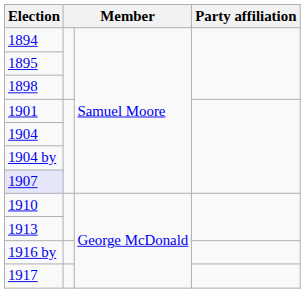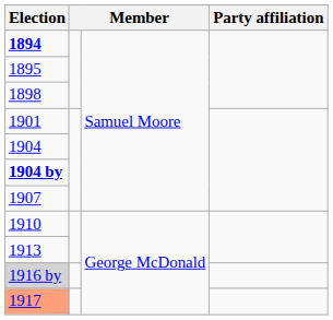 <table class="wikitable">
 <tr>
 <th>Election</th>
 <th colspan="2">Member</th>
 <th>Party affiliation</th>
 </tr>
 <tr>
-<td><a href='#'>1894</a></td>
+<td><strong><a href='#'>1894</a></strong></td>
 <td rowspan="3" > </td>
 <td rowspan="7"><a href='#'>Samuel Moore</a></td>
 <td rowspan="3"></td>
 </tr>
 <tr>
 <td><a href='#'>1895</a></td>
 </tr>
 <tr>
 <td><a href='#'>1898</a></td>
 </tr>
 <tr>
 <td><a href='#'>1901</a></td>
 <td rowspan="4" > </td>
 <td rowspan="4"></td>
 </tr>
 <tr>
 <td><a href='#'>1904</a></td>
 </tr>
 <tr>
-<td><a href='#'>1904 by</a></td>
+<td><strong><a href='#'>1904 by</a></strong></td>
 </tr>
 <tr>
-<td style="background: lavender;"><a href='#'>1907</a></td>
+<td><a href='#'>1907</a></td>
 </tr>
 <tr>
 <td><a href='#'>1910</a></td>
 <td rowspan="2" > </td>
 <td rowspan="4"><a href='#'>George McDonald</a></td>
 <td rowspan="2"></td>
 </tr>
 <tr>
 <td><a href='#'>1913</a></td>
 </tr>
 <tr>
-<td><a href='#'>1916 by</a></td>
+<td style="background: lightgrey;"><a href='#'>1916 by</a></td>
 <td> </td>
 <td></td>
 </tr>
 <tr>
-<td><a href='#'>1917</a></td>
+<td style="background: lightsalmon;"><a href='#'>1917</a></td>
 <td> </td>
 <td></td>
 </tr>
 </table>
